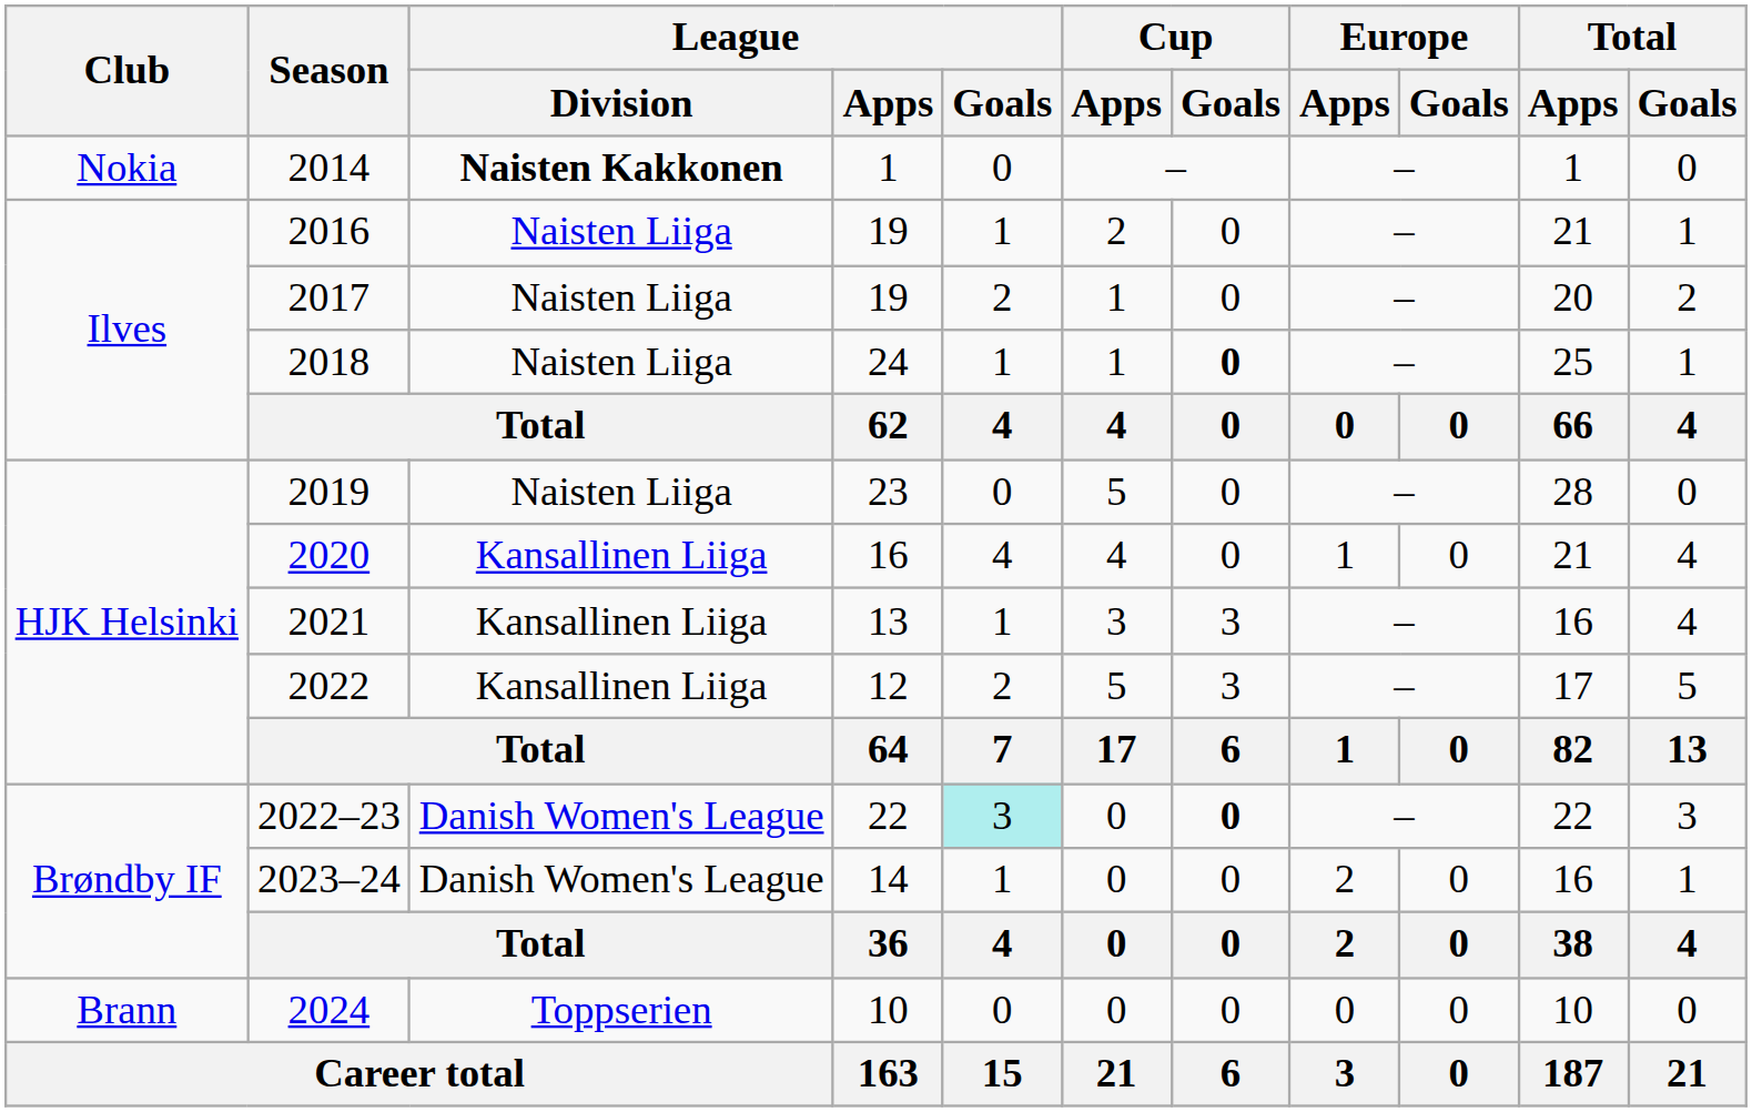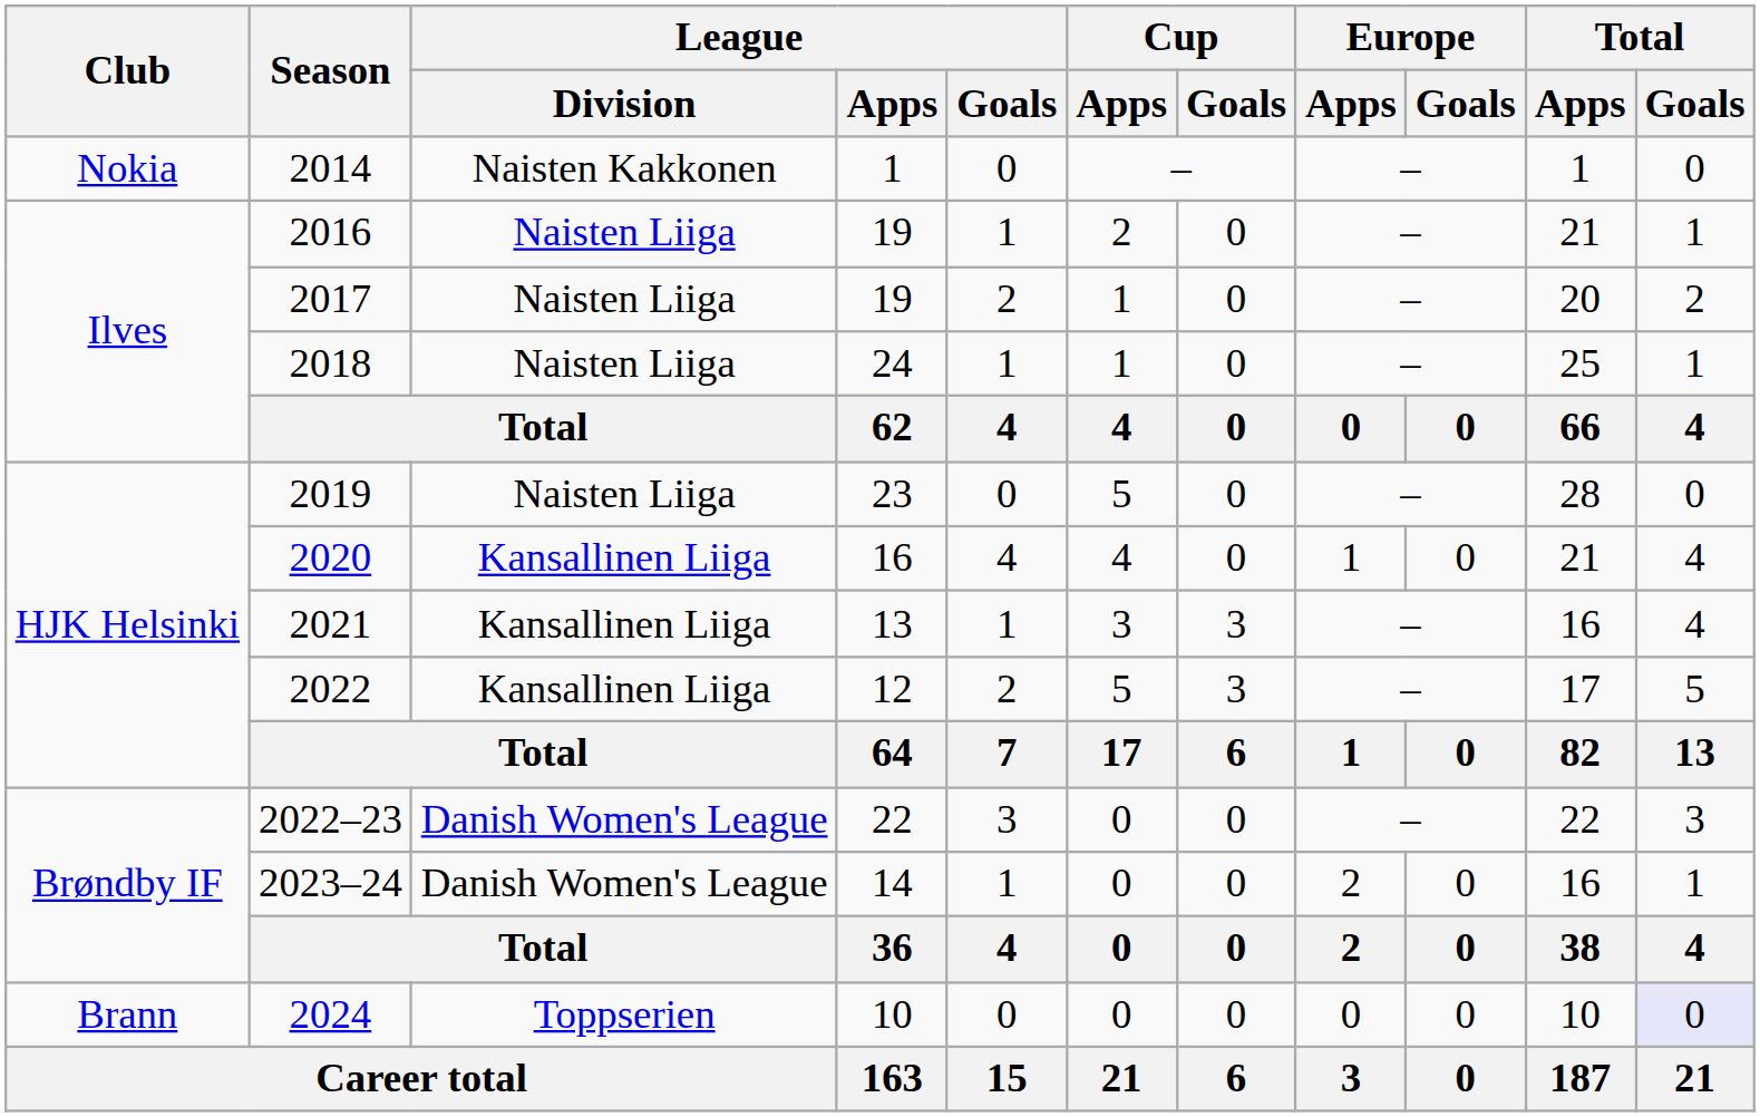 <table class="wikitable" style="text-align:center">
 <tr>
 <th rowspan="2">Club</th>
 <th rowspan="2">Season</th>
 <th colspan="3">League</th>
 <th colspan="2">Cup</th>
 <th colspan="2">Europe</th>
 <th colspan="2">Total</th>
 </tr>
 <tr>
 <th>Division</th>
 <th>Apps</th>
 <th>Goals</th>
 <th>Apps</th>
 <th>Goals</th>
 <th>Apps</th>
 <th>Goals</th>
 <th>Apps</th>
 <th>Goals</th>
 </tr>
 <tr>
 <td><a href='#'>Nokia</a></td>
 <td>2014</td>
-<td><strong>Naisten Kakkonen</strong></td>
+<td>Naisten Kakkonen</td>
 <td>1</td>
 <td>0</td>
 <td colspan=2>–</td>
 <td colspan=2>–</td>
 <td>1</td>
 <td>0</td>
 </tr>
 <tr>
 <td rowspan=4><a href='#'>Ilves</a></td>
 <td>2016</td>
 <td><a href='#'>Naisten Liiga</a></td>
 <td>19</td>
 <td>1</td>
 <td>2</td>
 <td>0</td>
 <td colspan=2>–</td>
 <td>21</td>
 <td>1</td>
 </tr>
 <tr>
 <td>2017</td>
 <td>Naisten Liiga</td>
 <td>19</td>
 <td>2</td>
 <td>1</td>
 <td>0</td>
 <td colspan=2>–</td>
 <td>20</td>
 <td>2</td>
 </tr>
 <tr>
 <td>2018</td>
 <td>Naisten Liiga</td>
 <td>24</td>
 <td>1</td>
 <td>1</td>
-<td><strong>0</strong></td>
+<td>0</td>
 <td colspan=2>–</td>
 <td>25</td>
 <td>1</td>
 </tr>
 <tr>
 <th colspan=2>Total</th>
 <th>62</th>
 <th>4</th>
 <th>4</th>
 <th>0</th>
 <th>0</th>
 <th>0</th>
 <th>66</th>
 <th>4</th>
 </tr>
 <tr>
 <td rowspan=5><a href='#'>HJK Helsinki</a></td>
 <td>2019</td>
 <td>Naisten Liiga</td>
 <td>23</td>
 <td>0</td>
 <td>5</td>
 <td>0</td>
 <td colspan=2>–</td>
 <td>28</td>
 <td>0</td>
 </tr>
 <tr>
 <td><a href='#'>2020</a></td>
 <td><a href='#'>Kansallinen Liiga</a></td>
 <td>16</td>
 <td>4</td>
 <td>4</td>
 <td>0</td>
 <td>1</td>
 <td>0</td>
 <td>21</td>
 <td>4</td>
 </tr>
 <tr>
 <td>2021</td>
 <td>Kansallinen Liiga</td>
 <td>13</td>
 <td>1</td>
 <td>3</td>
 <td>3</td>
 <td colspan=2>–</td>
 <td>16</td>
 <td>4</td>
 </tr>
 <tr>
 <td>2022</td>
 <td>Kansallinen Liiga</td>
 <td>12</td>
 <td>2</td>
 <td>5</td>
 <td>3</td>
 <td colspan=2>–</td>
 <td>17</td>
 <td>5</td>
 </tr>
 <tr>
 <th colspan=2>Total</th>
 <th>64</th>
 <th>7</th>
 <th>17</th>
 <th>6</th>
 <th>1</th>
 <th>0</th>
 <th>82</th>
 <th>13</th>
 </tr>
 <tr>
 <td rowspan=3><a href='#'>Brøndby IF</a></td>
 <td>2022–23</td>
 <td><a href='#'>Danish Women's League</a></td>
 <td>22</td>
-<td style="background: paleturquoise;">3</td>
+<td>3</td>
 <td>0</td>
-<td><strong>0</strong></td>
+<td>0</td>
 <td colspan=2>–</td>
 <td>22</td>
 <td>3</td>
 </tr>
 <tr>
 <td>2023–24</td>
 <td>Danish Women's League</td>
 <td>14</td>
 <td>1</td>
 <td>0</td>
 <td>0</td>
 <td>2</td>
 <td>0</td>
 <td>16</td>
 <td>1</td>
 </tr>
 <tr>
 <th colspan=2>Total</th>
 <th>36</th>
 <th>4</th>
 <th>0</th>
 <th>0</th>
 <th>2</th>
 <th>0</th>
 <th>38</th>
 <th>4</th>
 </tr>
 <tr>
 <td><a href='#'>Brann</a></td>
 <td><a href='#'>2024</a></td>
 <td><a href='#'>Toppserien</a></td>
 <td>10</td>
 <td>0</td>
 <td>0</td>
 <td>0</td>
 <td>0</td>
 <td>0</td>
 <td>10</td>
-<td>0</td>
+<td style="background: lavender;">0</td>
 </tr>
 <tr>
 <th colspan="3">Career total</th>
 <th>163</th>
 <th>15</th>
 <th>21</th>
 <th>6</th>
 <th>3</th>
 <th>0</th>
 <th>187</th>
 <th>21</th>
 </tr>
 </table>
